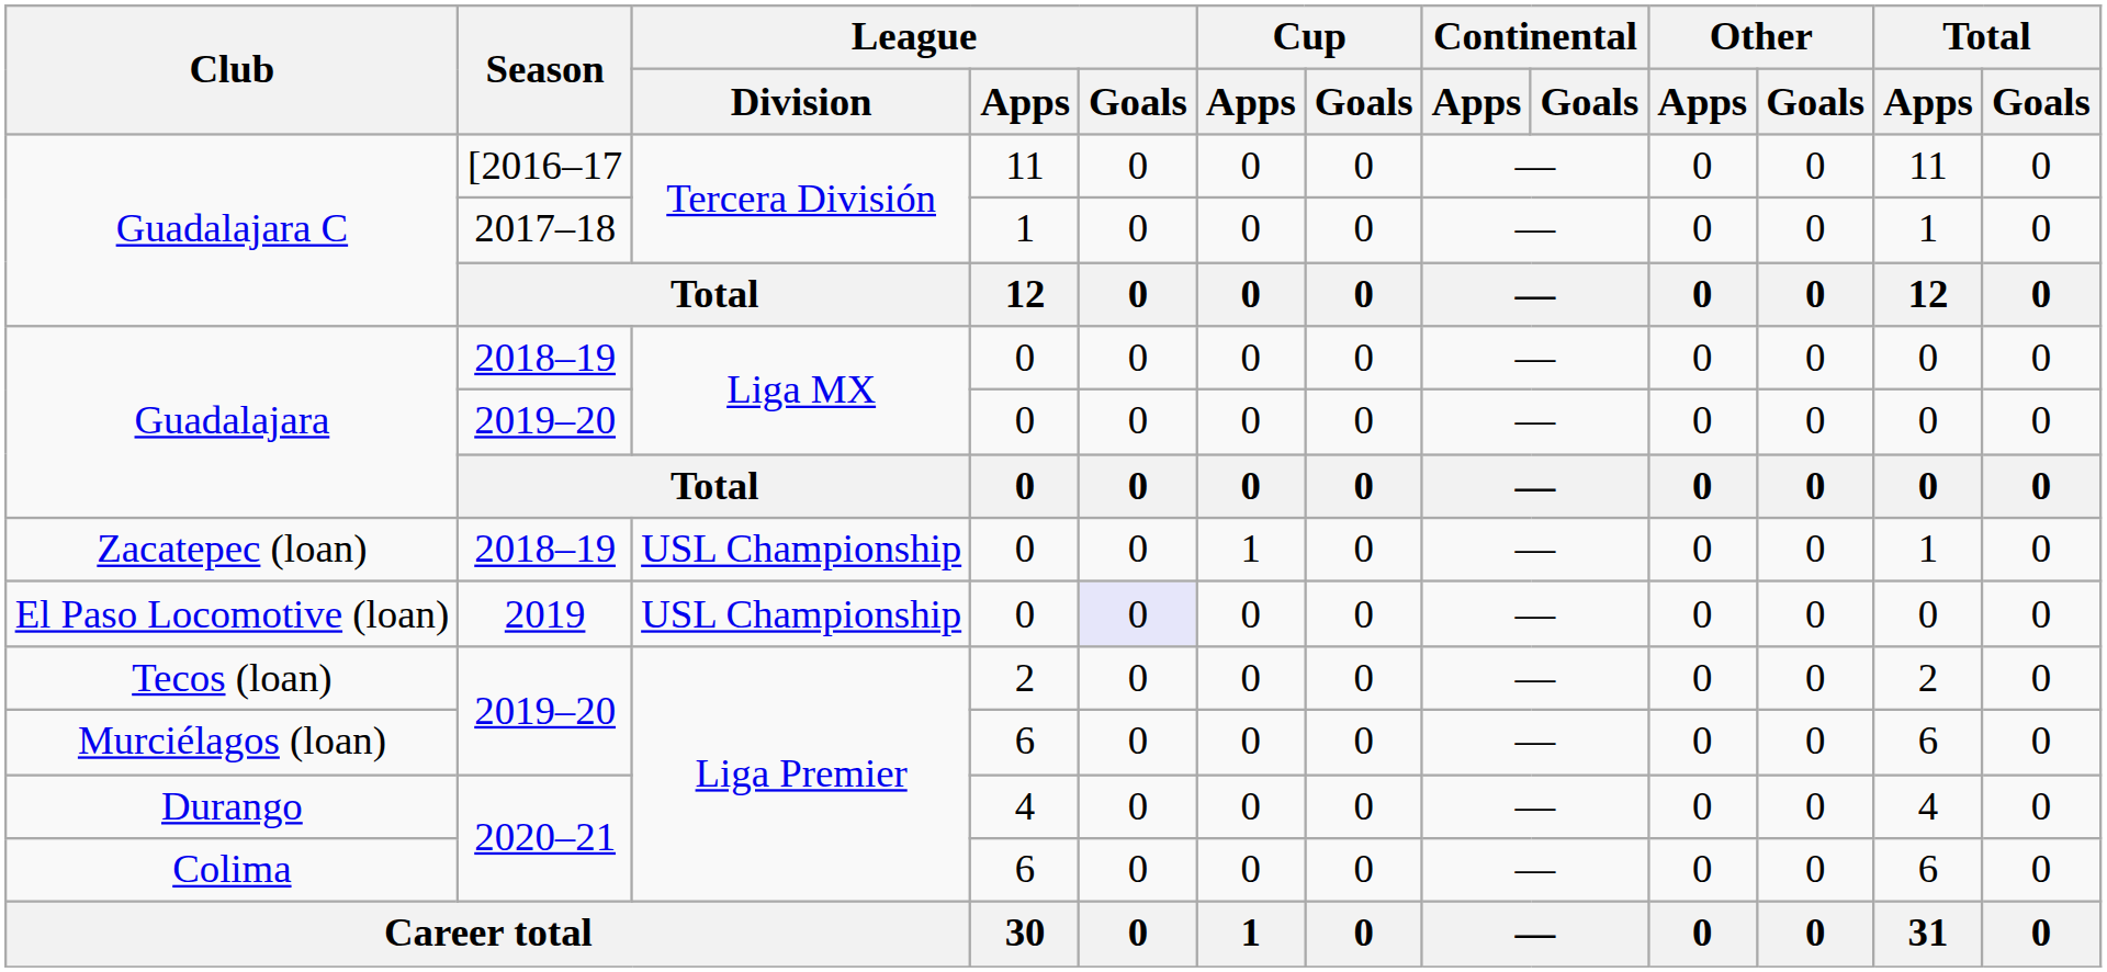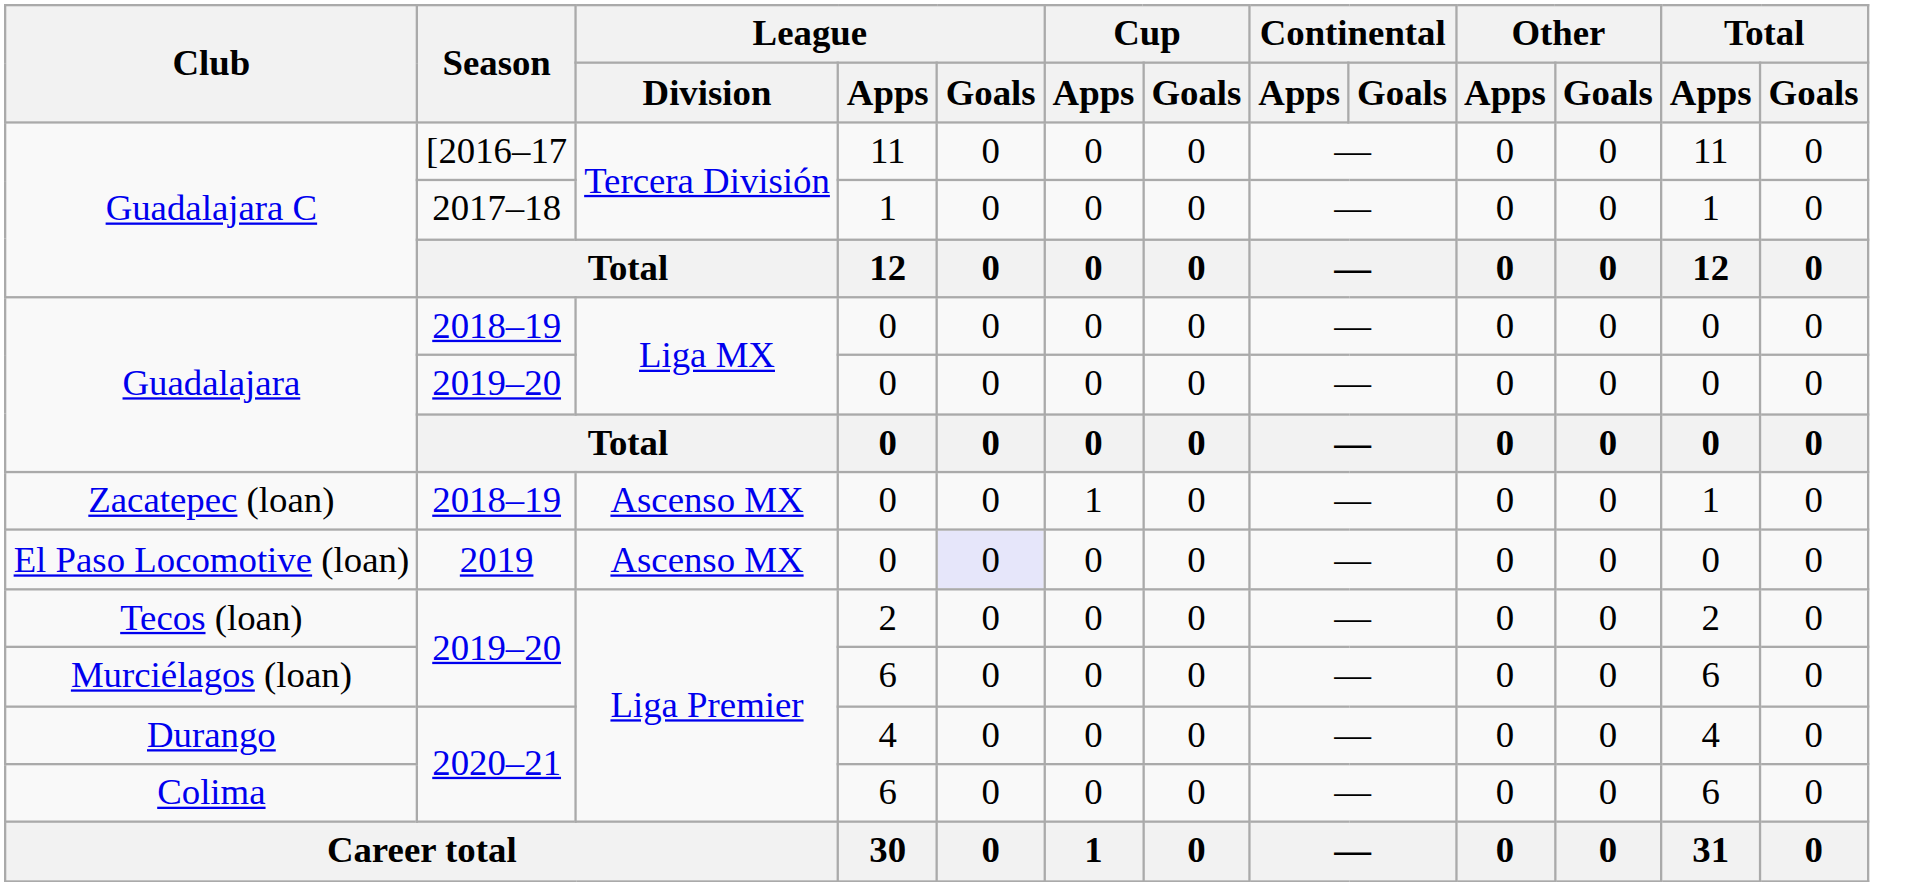 <table class="wikitable" style="text-align:center">
 <tr>
 <th rowspan="2">Club</th>
 <th rowspan="2">Season</th>
 <th colspan="3">League</th>
 <th colspan="2">Cup</th>
 <th colspan="2">Continental</th>
 <th colspan="2">Other</th>
 <th colspan="2">Total</th>
 </tr>
 <tr>
 <th>Division</th>
 <th>Apps</th>
 <th>Goals</th>
 <th>Apps</th>
 <th>Goals</th>
 <th>Apps</th>
 <th>Goals</th>
 <th>Apps</th>
 <th>Goals</th>
 <th>Apps</th>
 <th>Goals</th>
 </tr>
 <tr>
 <td rowspan="3"><a href='#'>Guadalajara C</a></td>
 <td>[2016–17</td>
 <td rowspan="2"><a href='#'>Tercera División</a></td>
 <td>11</td>
 <td>0</td>
 <td>0</td>
 <td>0</td>
 <td colspan="2">—</td>
 <td>0</td>
 <td>0</td>
 <td>11</td>
 <td>0</td>
 </tr>
 <tr>
 <td>2017–18</td>
 <td>1</td>
 <td>0</td>
 <td>0</td>
 <td>0</td>
 <td colspan="2">—</td>
 <td>0</td>
 <td>0</td>
 <td>1</td>
 <td>0</td>
 </tr>
 <tr>
 <th colspan="2">Total</th>
 <th>12</th>
 <th>0</th>
 <th>0</th>
 <th>0</th>
 <th colspan="2">—</th>
 <th>0</th>
 <th>0</th>
 <th>12</th>
 <th>0</th>
 </tr>
 <tr>
 <td rowspan="3"><a href='#'>Guadalajara</a></td>
 <td><a href='#'>2018–19</a></td>
 <td rowspan="2"><a href='#'>Liga MX</a></td>
 <td>0</td>
 <td>0</td>
 <td>0</td>
 <td>0</td>
 <td colspan="2">—</td>
 <td>0</td>
 <td>0</td>
 <td>0</td>
 <td>0</td>
 </tr>
 <tr>
 <td><a href='#'>2019–20</a></td>
 <td>0</td>
 <td>0</td>
 <td>0</td>
 <td>0</td>
 <td colspan="2">—</td>
 <td>0</td>
 <td>0</td>
 <td>0</td>
 <td>0</td>
 </tr>
 <tr>
 <th colspan="2">Total</th>
 <th>0</th>
 <th>0</th>
 <th>0</th>
 <th>0</th>
 <th colspan="2">—</th>
 <th>0</th>
 <th>0</th>
 <th>0</th>
 <th>0</th>
 </tr>
 <tr>
 <td rowspan="1"><a href='#'>Zacatepec</a> (loan)</td>
 <td><a href='#'>2018–19</a></td>
-<td rowspan="1"><a href='#'>USL Championship</a></td>
+<td rowspan="1"><a href='#'>Ascenso MX</a></td>
 <td>0</td>
 <td>0</td>
 <td>1</td>
 <td>0</td>
 <td colspan="2">—</td>
 <td>0</td>
 <td>0</td>
 <td>1</td>
 <td>0</td>
 </tr>
 <tr>
 <td rowspan="1"><a href='#'>El Paso Locomotive</a> (loan)</td>
 <td><a href='#'>2019</a></td>
-<td rowspan="1"><a href='#'>USL Championship</a></td>
+<td rowspan="1"><a href='#'>Ascenso MX</a></td>
 <td>0</td>
 <td style="background: lavender;">0</td>
 <td>0</td>
 <td>0</td>
 <td colspan="2">—</td>
 <td>0</td>
 <td>0</td>
 <td>0</td>
 <td>0</td>
 </tr>
 <tr>
 <td rowspan="1"><a href='#'>Tecos</a> (loan)</td>
 <td rowspan="2"><a href='#'>2019–20</a></td>
 <td rowspan="4"><a href='#'>Liga Premier</a></td>
 <td>2</td>
 <td>0</td>
 <td>0</td>
 <td>0</td>
 <td colspan="2">—</td>
 <td>0</td>
 <td>0</td>
 <td>2</td>
 <td>0</td>
 </tr>
 <tr>
 <td rowspan="1"><a href='#'>Murciélagos</a> (loan)</td>
 <td>6</td>
 <td>0</td>
 <td>0</td>
 <td>0</td>
 <td colspan="2">—</td>
 <td>0</td>
 <td>0</td>
 <td>6</td>
 <td>0</td>
 </tr>
 <tr>
 <td rowspan="1"><a href='#'>Durango</a></td>
 <td rowspan="2"><a href='#'>2020–21</a></td>
 <td>4</td>
 <td>0</td>
 <td>0</td>
 <td>0</td>
 <td colspan="2">—</td>
 <td>0</td>
 <td>0</td>
 <td>4</td>
 <td>0</td>
 </tr>
 <tr>
 <td rowspan="1"><a href='#'>Colima</a></td>
 <td>6</td>
 <td>0</td>
 <td>0</td>
 <td>0</td>
 <td colspan="2">—</td>
 <td>0</td>
 <td>0</td>
 <td>6</td>
 <td>0</td>
 </tr>
 <tr>
 <th colspan="3">Career total</th>
 <th>30</th>
 <th>0</th>
 <th>1</th>
 <th>0</th>
 <th colspan="2">—</th>
 <th>0</th>
 <th>0</th>
 <th>31</th>
 <th>0</th>
 </tr>
 </table>
